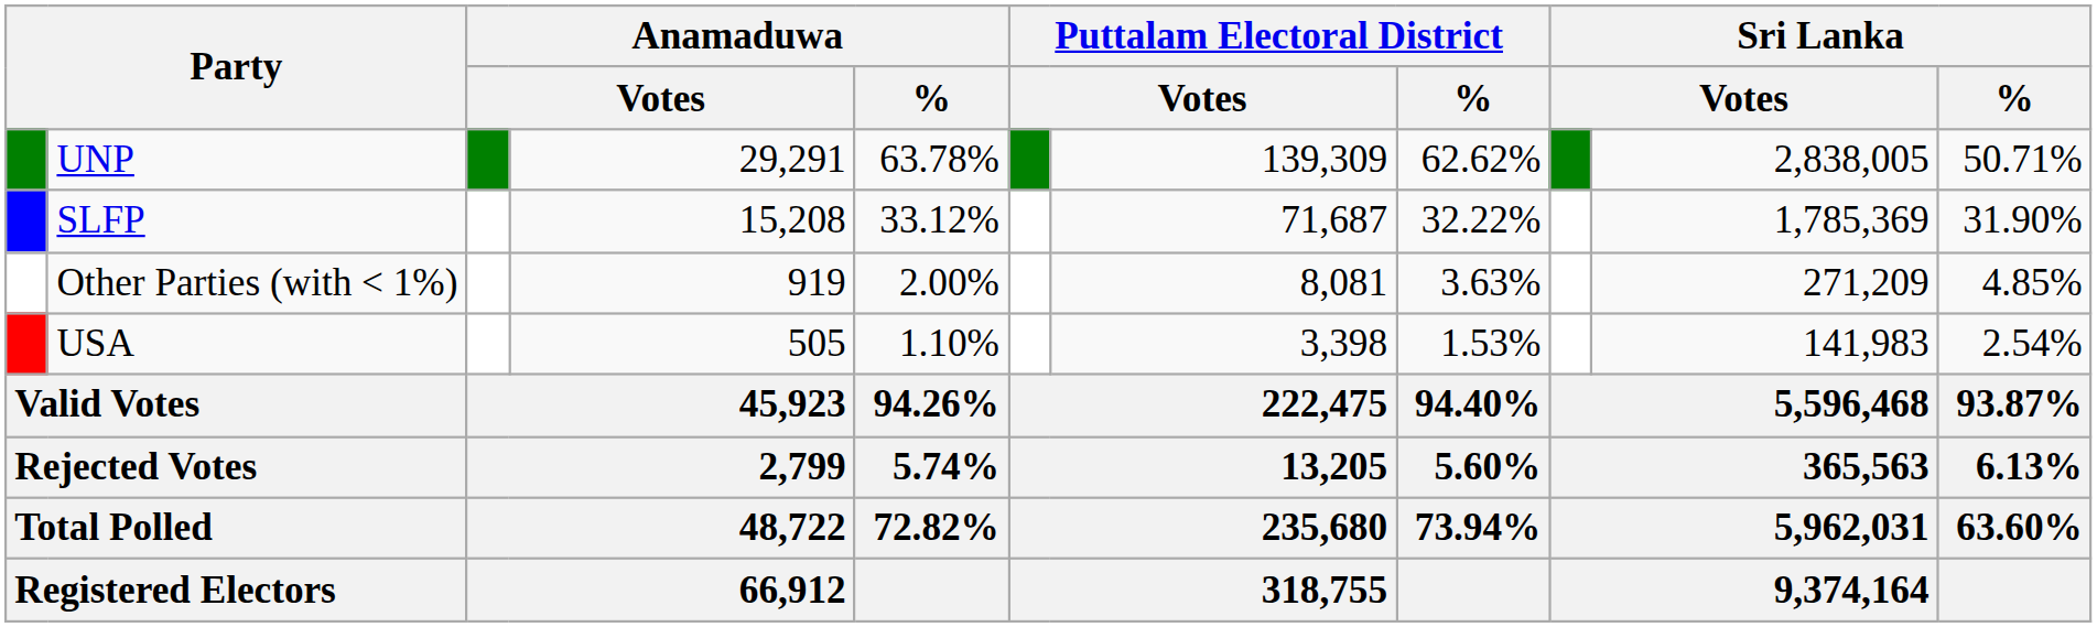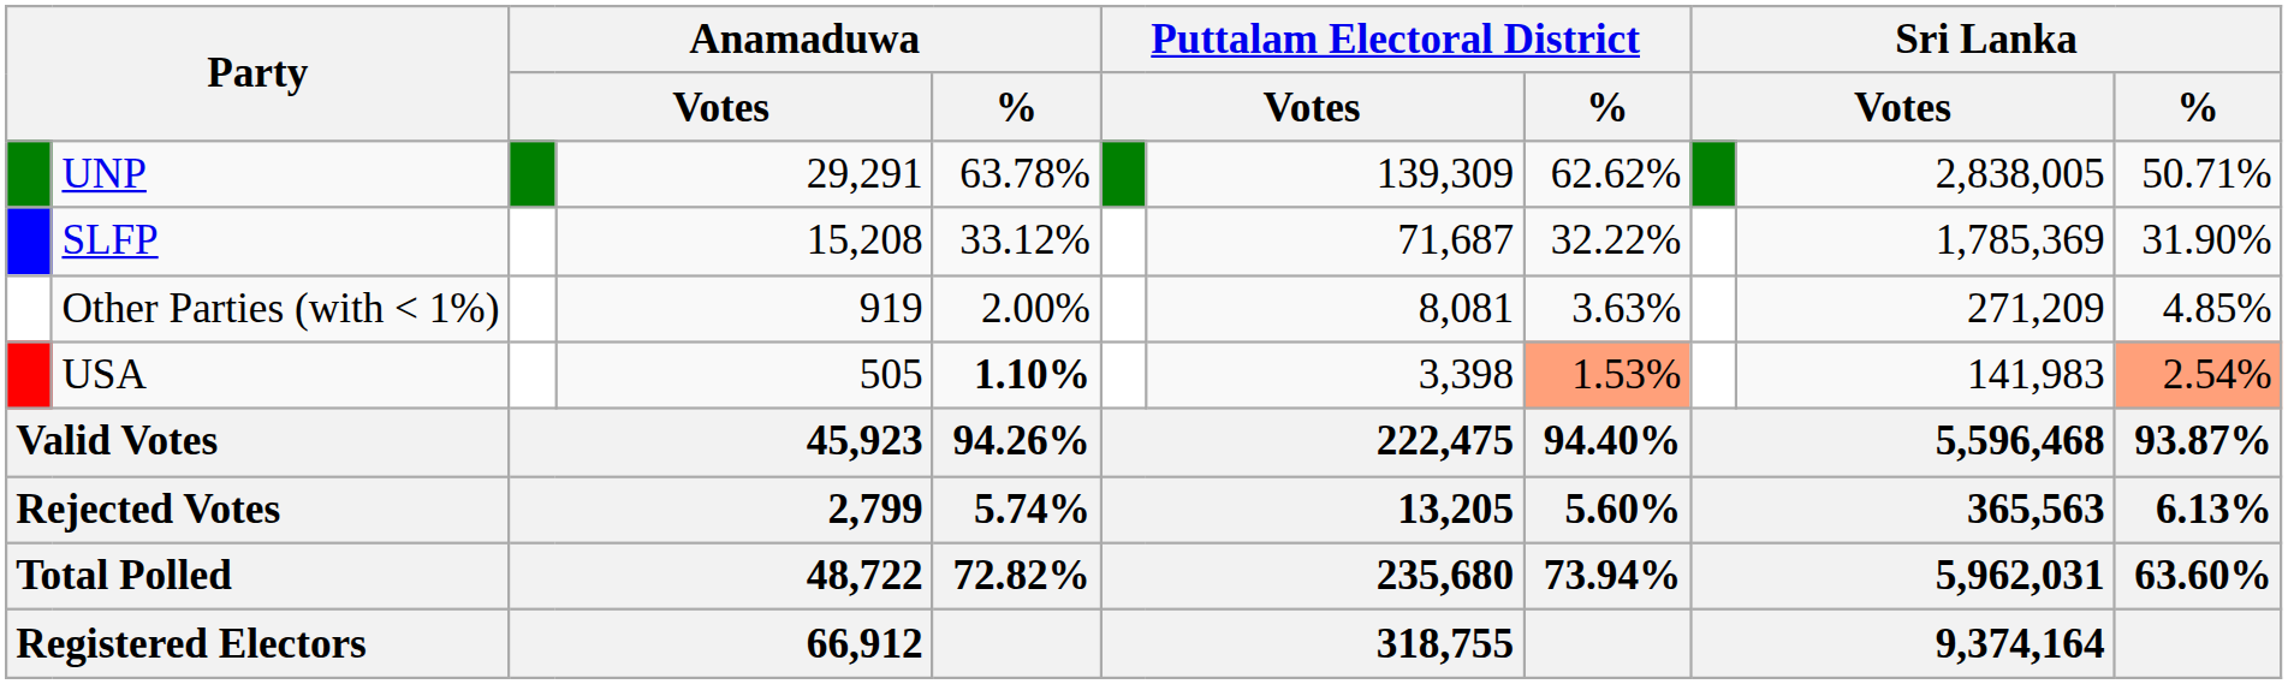 <table class="wikitable">
 <tr>
 <th colspan="2" width="144px"rowspan="2">Party</th>
 <th colspan="3" width="216px">Anamaduwa</th>
 <th colspan="3" width="216px"><a href='#'>Puttalam Electoral District</a></th>
 <th colspan="3" width="216px">Sri Lanka</th>
 </tr>
 <tr>
 <th colspan="2" width="144px">Votes</th>
 <th>%</th>
 <th colspan="2" width="144px">Votes</th>
 <th>%</th>
 <th colspan="2" width="144px">Votes</th>
 <th>%</th>
 </tr>
 <tr>
 <td style="background-color:green;" width="10px"></td>
 <td style="text-align:left;"><a href='#'>UNP</a></td>
 <td style="background-color:green;" width="10px"></td>
 <td style="text-align:right;">29,291</td>
 <td style="text-align:right;">63.78%</td>
 <td style="background-color:green;" width="10px"></td>
 <td style="text-align:right;">139,309</td>
 <td style="text-align:right;">62.62%</td>
 <td style="background-color:green;" width="10px"></td>
 <td style="text-align:right;">2,838,005</td>
 <td style="text-align:right;">50.71%</td>
 </tr>
 <tr>
 <td style="background-color:blue;" width="10px"></td>
 <td style="text-align:left;"><a href='#'>SLFP</a></td>
 <td style="background-color:white;" width="10px"></td>
 <td style="text-align:right;">15,208</td>
 <td style="text-align:right;">33.12%</td>
 <td style="background-color:white;" width="10px"></td>
 <td style="text-align:right;">71,687</td>
 <td style="text-align:right;">32.22%</td>
 <td style="background-color:white;" width="10px"></td>
 <td style="text-align:right;">1,785,369</td>
 <td style="text-align:right;">31.90%</td>
 </tr>
 <tr>
 <td style="background-color:white;" width="10px"></td>
 <td style="text-align:left;">Other Parties (with < 1%)</td>
 <td style="background-color:white;" width="10px"></td>
 <td style="text-align:right;">919</td>
 <td style="text-align:right;">2.00%</td>
 <td style="background-color:white;" width="10px"></td>
 <td style="text-align:right;">8,081</td>
 <td style="text-align:right;">3.63%</td>
 <td style="background-color:white;" width="10px"></td>
 <td style="text-align:right;">271,209</td>
 <td style="text-align:right;">4.85%</td>
 </tr>
 <tr>
 <td style="background-color:red;" width="10px"></td>
 <td style="text-align:left;">USA</td>
 <td style="background-color:white;" width="10px"></td>
 <td style="text-align:right;">505</td>
-<td style="text-align:right;">1.10%</td>
+<td style="text-align:right;"><strong>1.10%</strong></td>
 <td style="background-color:white;" width="10px"></td>
 <td style="text-align:right;">3,398</td>
-<td style="text-align:right;">1.53%</td>
+<td style="background: lightsalmon; text-align:right;">1.53%</td>
 <td style="background-color:white;" width="10px"></td>
 <td style="text-align:right;">141,983</td>
-<td style="text-align:right;">2.54%</td>
+<td style="background: lightsalmon; text-align:right;">2.54%</td>
 </tr>
 <tr>
 <th colspan="2" width="144px"style="text-align:left;">Valid Votes</th>
 <th style="text-align:right;"colspan="2" width="144px">45,923</th>
 <th style="text-align:right;">94.26%</th>
 <th style="text-align:right;"colspan="2" width="144px">222,475</th>
 <th style="text-align:right;">94.40%</th>
 <th style="text-align:right;"colspan="2" width="144px">5,596,468</th>
 <th style="text-align:right;">93.87%</th>
 </tr>
 <tr>
 <th colspan="2" width="144px"style="text-align:left;">Rejected Votes</th>
 <th style="text-align:right;"colspan="2" width="144px">2,799</th>
 <th style="text-align:right;">5.74%</th>
 <th style="text-align:right;"colspan="2" width="144px">13,205</th>
 <th style="text-align:right;">5.60%</th>
 <th style="text-align:right;"colspan="2" width="144px">365,563</th>
 <th style="text-align:right;">6.13%</th>
 </tr>
 <tr>
 <th colspan="2" width="144px"style="text-align:left;">Total Polled</th>
 <th style="text-align:right;"colspan="2" width="144px">48,722</th>
 <th style="text-align:right;">72.82%</th>
 <th style="text-align:right;"colspan="2" width="144px">235,680</th>
 <th style="text-align:right;">73.94%</th>
 <th style="text-align:right;"colspan="2" width="144px">5,962,031</th>
 <th style="text-align:right;">63.60%</th>
 </tr>
 <tr>
 <th colspan="2" width="144px"style="text-align:left;">Registered Electors</th>
 <th style="text-align:right;"colspan="2" width="144px">66,912</th>
 <th></th>
 <th style="text-align:right;"colspan="2" width="144px">318,755</th>
 <th></th>
 <th style="text-align:right;"colspan="2" width="144px">9,374,164</th>
 <th></th>
 </tr>
 </table>
